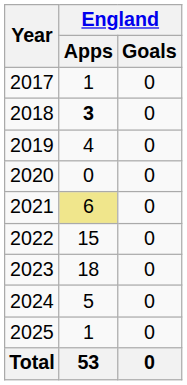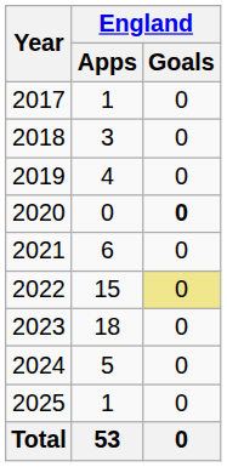 <table class="wikitable" style="text-align:center">
 <tr>
 <th rowspan=2>Year</th>
 <th colspan=2><a href='#'>England</a></th>
 </tr>
 <tr>
 <th>Apps</th>
 <th>Goals</th>
 </tr>
 <tr>
 <td>2017</td>
 <td>1</td>
 <td>0</td>
 </tr>
 <tr>
 <td>2018</td>
-<td><strong>3</strong></td>
+<td>3</td>
 <td>0</td>
 </tr>
 <tr>
 <td>2019</td>
 <td>4</td>
 <td>0</td>
 </tr>
 <tr>
 <td>2020</td>
 <td>0</td>
-<td>0</td>
+<td><strong>0</strong></td>
 </tr>
 <tr>
 <td>2021</td>
-<td style="background: khaki;">6</td>
+<td>6</td>
 <td>0</td>
 </tr>
 <tr>
 <td>2022</td>
 <td>15</td>
-<td>0</td>
+<td style="background: khaki;">0</td>
 </tr>
 <tr>
 <td>2023</td>
 <td>18</td>
 <td>0</td>
 </tr>
 <tr>
 <td>2024</td>
 <td>5</td>
 <td>0</td>
 </tr>
 <tr>
 <td>2025</td>
 <td>1</td>
 <td>0</td>
 </tr>
 <tr>
 <th>Total</th>
 <th>53</th>
 <th>0</th>
 </tr>
 </table>
